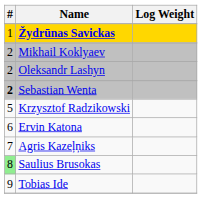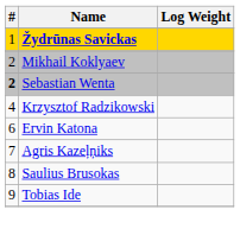 <table class="wikitable" style="display: inline-table">
 <tr>
 <th>#</th>
 <th>Name</th>
 <th>Log Weight</th>
 </tr>
 <tr>
 </tr>
 <tr style="background:gold;">
 <td>1</td>
 <td> <strong><a href='#'>Žydrūnas Savickas</a></strong></td>
 <td></td>
 </tr>
 <tr>
 </tr>
 <tr style="background:silver;">
 <td>2</td>
 <td> <a href='#'>Mikhail Koklyaev</a></td>
 <td></td>
 </tr>
 <tr>
 </tr>
-<tr style="background:silver;">
-<td>2</td>
-<td> <a href='#'>Oleksandr Lashyn</a></td>
-<td></td>
-</tr>
 <tr>
 </tr>
 <tr style="background:silver;">
 <td><strong>2</strong></td>
 <td> <a href='#'>Sebastian Wenta</a></td>
 <td></td>
 </tr>
 <tr>
-<td>5</td>
+<td>4</td>
 <td> <a href='#'>Krzysztof Radzikowski</a></td>
 <td></td>
 </tr>
 <tr>
 <td>6</td>
 <td> <a href='#'>Ervin Katona</a></td>
 <td></td>
 </tr>
 <tr>
 <td>7</td>
 <td> <a href='#'>Agris Kazeļņiks</a></td>
 <td></td>
 </tr>
 <tr>
-<td style="background: lightgreen;">8</td>
+<td>8</td>
 <td> <a href='#'>Saulius Brusokas</a></td>
 <td></td>
 </tr>
 <tr>
 <td>9</td>
 <td> <a href='#'>Tobias Ide</a></td>
 <td></td>
 </tr>
 <tr>
 </tr>
 </table>
